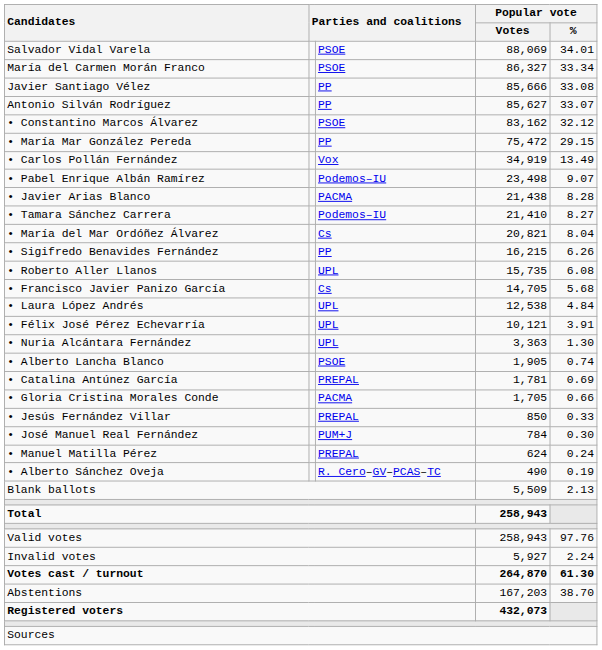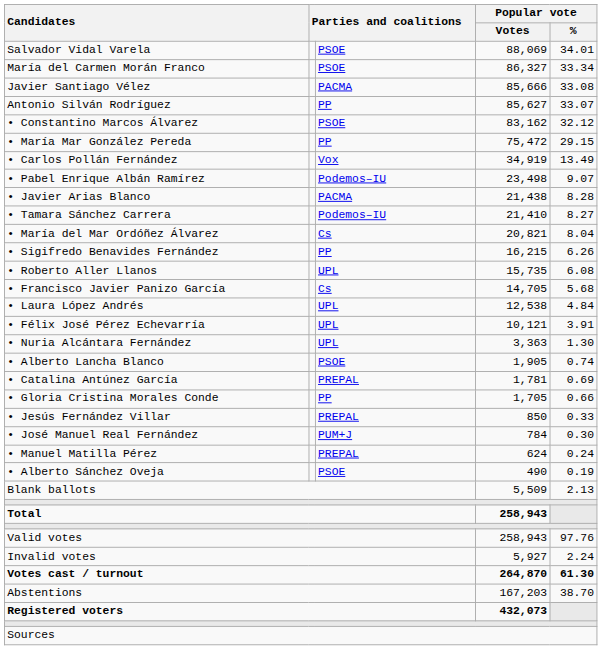 <table class="wikitable" style="text-align:right; font-size:95%;">
 <tr>
 <th style="text-align:left;" rowspan="2" width="325">Candidates</th>
 <th style="text-align:left;" rowspan="2" colspan="2" width="175">Parties and coalitions</th>
 <th colspan="2">Popular vote</th>
 </tr>
 <tr>
 <th width="75">Votes</th>
 <th width="45">%</th>
 </tr>
 <tr>
 <td align="left"> Salvador Vidal Varela</td>
 <td width="1" style="color:inherit;background:"></td>
 <td align="left"><a href='#'>PSOE</a></td>
 <td>88,069</td>
 <td>34.01</td>
 </tr>
 <tr>
 <td align="left"> María del Carmen Morán Franco</td>
 <td style="color:inherit;background:"></td>
 <td align="left"><a href='#'>PSOE</a></td>
 <td>86,327</td>
 <td>33.34</td>
 </tr>
 <tr>
 <td align="left"> Javier Santiago Vélez</td>
 <td style="color:inherit;background:"></td>
-<td align="left"><a href='#'>PP</a></td>
+<td align="left"><a href='#'>PACMA</a></td>
 <td>85,666</td>
 <td>33.08</td>
 </tr>
 <tr>
 <td align="left"> Antonio Silván Rodríguez</td>
 <td style="color:inherit;background:"></td>
 <td align="left"><a href='#'>PP</a></td>
 <td>85,627</td>
 <td>33.07</td>
 </tr>
 <tr>
 <td align="left">• Constantino Marcos Álvarez</td>
 <td style="color:inherit;background:"></td>
 <td align="left"><a href='#'>PSOE</a></td>
 <td>83,162</td>
 <td>32.12</td>
 </tr>
 <tr>
 <td align="left">• María Mar González Pereda</td>
 <td style="color:inherit;background:"></td>
 <td align="left"><a href='#'>PP</a></td>
 <td>75,472</td>
 <td>29.15</td>
 </tr>
 <tr>
 <td align="left">• Carlos Pollán Fernández</td>
 <td style="color:inherit;background:"></td>
 <td align="left"><a href='#'>Vox</a></td>
 <td>34,919</td>
 <td>13.49</td>
 </tr>
 <tr>
 <td align="left">• Pabel Enrique Albán Ramírez</td>
 <td style="color:inherit;background:"></td>
 <td align="left"><a href='#'>Podemos–IU</a></td>
 <td>23,498</td>
 <td>9.07</td>
 </tr>
 <tr>
 <td align="left">• Javier Arias Blanco</td>
 <td style="color:inherit;background:"></td>
 <td align="left"><a href='#'>PACMA</a></td>
 <td>21,438</td>
 <td>8.28</td>
 </tr>
 <tr>
 <td align="left">• Tamara Sánchez Carrera</td>
 <td style="color:inherit;background:"></td>
 <td align="left"><a href='#'>Podemos–IU</a></td>
 <td>21,410</td>
 <td>8.27</td>
 </tr>
 <tr>
 <td align="left">• María del Mar Ordóñez Álvarez</td>
 <td style="color:inherit;background:"></td>
 <td align="left"><a href='#'>Cs</a></td>
 <td>20,821</td>
 <td>8.04</td>
 </tr>
 <tr>
 <td align="left">• Sigifredo Benavides Fernández</td>
 <td style="color:inherit;background:"></td>
 <td align="left"><a href='#'>PP</a></td>
 <td>16,215</td>
 <td>6.26</td>
 </tr>
 <tr>
 <td align="left">• Roberto Aller Llanos</td>
 <td style="color:inherit;background:"></td>
 <td align="left"><a href='#'>UPL</a></td>
 <td>15,735</td>
 <td>6.08</td>
 </tr>
 <tr>
 <td align="left">• Francisco Javier Panizo García</td>
 <td style="color:inherit;background:"></td>
 <td align="left"><a href='#'>Cs</a></td>
 <td>14,705</td>
 <td>5.68</td>
 </tr>
 <tr>
 <td align="left">• Laura López Andrés</td>
 <td style="color:inherit;background:"></td>
 <td align="left"><a href='#'>UPL</a></td>
 <td>12,538</td>
 <td>4.84</td>
 </tr>
 <tr>
 <td align="left">• Félix José Pérez Echevarría</td>
 <td style="color:inherit;background:"></td>
 <td align="left"><a href='#'>UPL</a></td>
 <td>10,121</td>
 <td>3.91</td>
 </tr>
 <tr>
 <td align="left">• Nuria Alcántara Fernández</td>
 <td style="color:inherit;background:"></td>
 <td align="left"><a href='#'>UPL</a></td>
 <td>3,363</td>
 <td>1.30</td>
 </tr>
 <tr>
 <td align="left">• Alberto Lancha Blanco</td>
 <td style="color:inherit;background:"></td>
 <td align="left"><a href='#'>PSOE</a></td>
 <td>1,905</td>
 <td>0.74</td>
 </tr>
 <tr>
 <td align="left">• Catalina Antúnez García</td>
 <td style="color:inherit;background:"></td>
 <td align="left"><a href='#'>PREPAL</a></td>
 <td>1,781</td>
 <td>0.69</td>
 </tr>
 <tr>
 <td align="left">• Gloria Cristina Morales Conde</td>
 <td style="color:inherit;background:"></td>
-<td align="left"><a href='#'>PACMA</a></td>
+<td align="left"><a href='#'>PP</a></td>
 <td>1,705</td>
 <td>0.66</td>
 </tr>
 <tr>
 <td align="left">• Jesús Fernández Villar</td>
 <td style="color:inherit;background:"></td>
 <td align="left"><a href='#'>PREPAL</a></td>
 <td>850</td>
 <td>0.33</td>
 </tr>
 <tr>
 <td align="left">• José Manuel Real Fernández</td>
 <td style="color:inherit;background:"></td>
 <td align="left"><a href='#'>PUM+J</a></td>
 <td>784</td>
 <td>0.30</td>
 </tr>
 <tr>
 <td align="left">• Manuel Matilla Pérez</td>
 <td style="color:inherit;background:"></td>
 <td align="left"><a href='#'>PREPAL</a></td>
 <td>624</td>
 <td>0.24</td>
 </tr>
 <tr>
 <td align="left">• Alberto Sánchez Oveja</td>
 <td style="color:inherit;background:"></td>
-<td align="left"><a href='#'>R. Cero</a>–<a href='#'>GV</a>–<a href='#'>PCAS</a>–<a href='#'>TC</a></td>
+<td align="left"><a href='#'>PSOE</a></td>
 <td>490</td>
 <td>0.19</td>
 </tr>
 <tr>
 <td align="left" colspan="3">Blank ballots</td>
 <td>5,509</td>
 <td>2.13</td>
 </tr>
 <tr>
 <td colspan="5" bgcolor="#E9E9E9"></td>
 </tr>
 <tr style="font-weight:bold;">
 <td align="left" colspan="3">Total</td>
 <td>258,943</td>
 <td bgcolor="#E9E9E9"></td>
 </tr>
 <tr>
 <td colspan="5" bgcolor="#E9E9E9"></td>
 </tr>
 <tr>
 <td align="left" colspan="3">Valid votes</td>
 <td>258,943</td>
 <td>97.76</td>
 </tr>
 <tr>
 <td align="left" colspan="3">Invalid votes</td>
 <td>5,927</td>
 <td>2.24</td>
 </tr>
 <tr style="font-weight:bold;">
 <td align="left" colspan="3">Votes cast / turnout</td>
 <td>264,870</td>
 <td>61.30</td>
 </tr>
 <tr>
 <td align="left" colspan="3">Abstentions</td>
 <td>167,203</td>
 <td>38.70</td>
 </tr>
 <tr style="font-weight:bold;">
 <td align="left" colspan="3">Registered voters</td>
 <td>432,073</td>
 <td bgcolor="#E9E9E9"></td>
 </tr>
 <tr>
 <td colspan="5" bgcolor="#E9E9E9"></td>
 </tr>
 <tr>
 <td align="left" colspan="5">Sources</td>
 </tr>
 </table>
